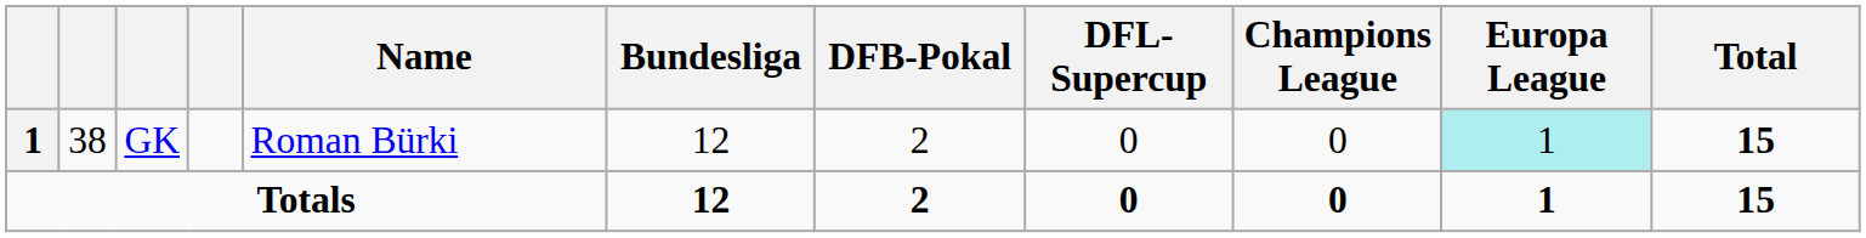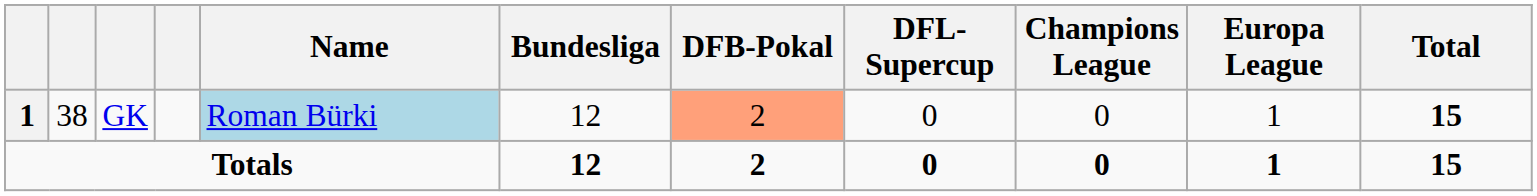 <table class="wikitable" style="text-align:center">
 <tr>
 <th width=15></th>
 <th width=15></th>
 <th width=15></th>
 <th width=15></th>
 <th width=145>Name</th>
 <th width=80>Bundesliga</th>
 <th width=80>DFB-Pokal</th>
 <th width=80>DFL-Supercup</th>
 <th width=80>Champions League</th>
 <th width=80>Europa League</th>
 <th width=80>Total</th>
 </tr>
 <tr>
 <th>1</th>
 <td>38</td>
 <td><a href='#'>GK</a></td>
 <td></td>
-<td align=left><a href='#'>Roman Bürki</a></td>
+<td align=left style="background: lightblue;"><a href='#'>Roman Bürki</a></td>
 <td>12</td>
-<td>2</td>
+<td style="background: lightsalmon;">2</td>
 <td>0</td>
 <td>0</td>
-<td style="background: paleturquoise;">1</td>
+<td>1</td>
 <td><strong>15</strong></td>
 </tr>
 <tr>
 <td colspan=5><strong>Totals</strong></td>
 <td><strong>12</strong></td>
 <td><strong>2</strong></td>
 <td><strong>0</strong></td>
 <td><strong>0</strong></td>
 <td><strong>1</strong></td>
 <td><strong>15</strong></td>
 </tr>
 </table>
